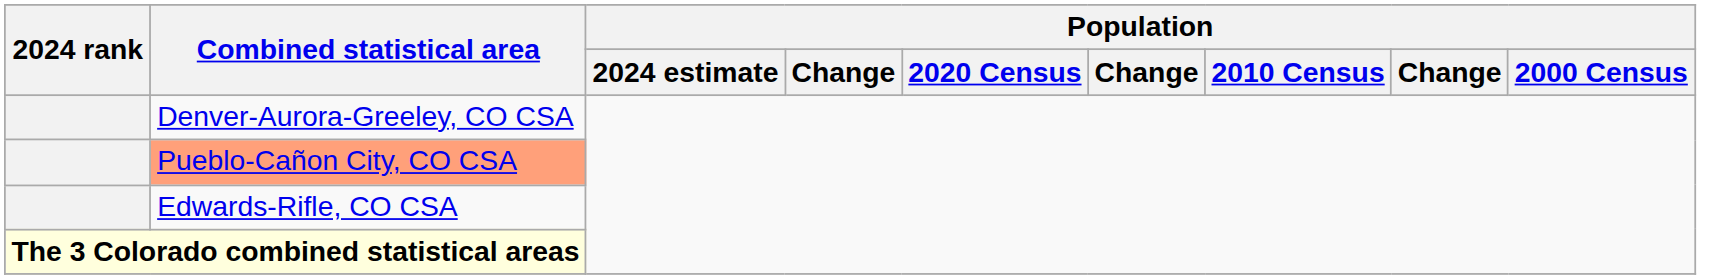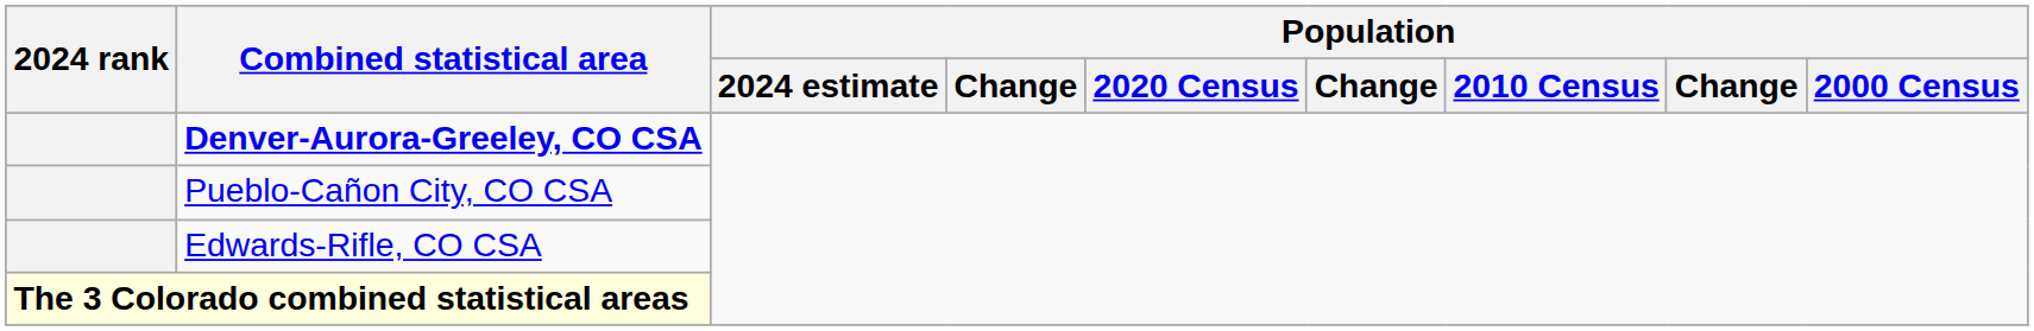 <table class="wikitable sortable">
 <tr>
 <th scope=col rowspan=2>2024 rank</th>
 <th scope=col rowspan=2><a href='#'>Combined statistical area</a></th>
 <th colspan=7>Population</th>
 </tr>
 <tr>
 <th scope=col>2024 estimate</th>
 <th scope=col>Change</th>
 <th scope=col><a href='#'>2020 Census</a></th>
 <th scope=col>Change</th>
 <th scope=col><a href='#'>2010 Census</a></th>
 <th scope=col>Change</th>
 <th scope=col><a href='#'>2000 Census</a></th>
 </tr>
 <tr>
 <th scope=row></th>
-<td><a href='#'>Denver-Aurora-Greeley, CO CSA</a><br></td>
+<td><strong><a href='#'>Denver-Aurora-Greeley, CO CSA</a><br></strong></td>
 </tr>
 <tr>
 <th scope=row></th>
-<td style="background: lightsalmon;"><a href='#'>Pueblo-Cañon City, CO CSA</a><br></td>
+<td><a href='#'>Pueblo-Cañon City, CO CSA</a><br></td>
 </tr>
 <tr>
 <th scope=row></th>
 <td><a href='#'>Edwards-Rifle, CO CSA</a><br></td>
 </tr>
 <tr style="font-weight:bold;" bgcolor="#FFFFDD">
 <td colspan=2 data-sort-value=999>The 3 Colorado combined statistical areas<br></td>
 </tr>
 </table>
